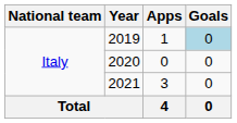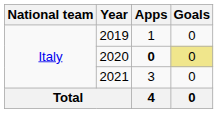 <table class="wikitable" style="text-align:center">
 <tr>
 <th>National team</th>
 <th>Year</th>
 <th>Apps</th>
 <th>Goals</th>
 </tr>
 <tr>
 <td rowspan="3"><a href='#'>Italy</a></td>
 <td>2019</td>
 <td>1</td>
-<td style="background: lightblue;">0</td>
+<td>0</td>
 </tr>
 <tr>
 <td>2020</td>
-<td>0</td>
-<td>0</td>
+<td><strong>0</strong></td>
+<td style="background: khaki;">0</td>
 </tr>
 <tr>
 <td>2021</td>
 <td>3</td>
 <td>0</td>
 </tr>
 <tr>
 <th colspan="2">Total</th>
 <th>4</th>
 <th>0</th>
 </tr>
 </table>
